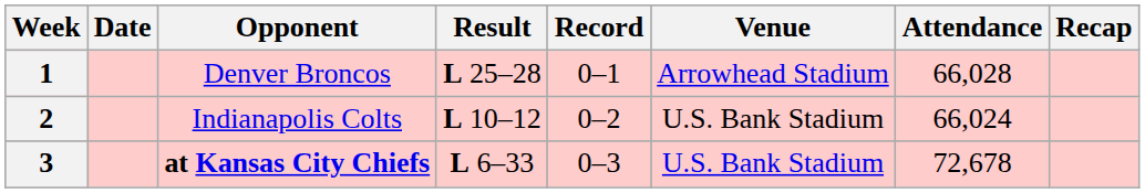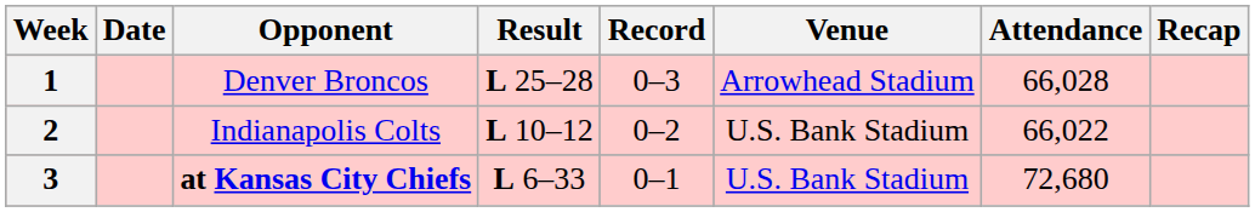 <table class="wikitable" style="text-align:center">
 <tr>
 <th>Week</th>
 <th>Date</th>
 <th>Opponent</th>
 <th>Result</th>
 <th>Record</th>
 <th>Venue</th>
 <th>Attendance</th>
 <th>Recap</th>
 </tr>
 <tr style="background:#fcc">
 <th>1</th>
 <td></td>
 <td><a href='#'>Denver Broncos</a></td>
 <td><strong>L</strong> 25–28</td>
-<td>0–1</td>
+<td>0–3</td>
 <td><a href='#'>Arrowhead Stadium</a></td>
 <td>66,028</td>
 <td></td>
 </tr>
 <tr style="background:#fcc">
 <th>2</th>
 <td></td>
 <td><a href='#'>Indianapolis Colts</a></td>
 <td><strong>L</strong> 10–12</td>
 <td>0–2</td>
 <td>U.S. Bank Stadium</td>
-<td>66,024</td>
+<td>66,022</td>
 <td></td>
 </tr>
 <tr style="background:#fcc">
 <th>3</th>
 <td></td>
 <td><strong>at <a href='#'>Kansas City Chiefs</a></strong></td>
 <td><strong>L</strong> 6–33</td>
-<td>0–3</td>
+<td>0–1</td>
 <td><a href='#'>U.S. Bank Stadium</a></td>
-<td>72,678</td>
+<td>72,680</td>
 <td></td>
 </tr>
 </table>
